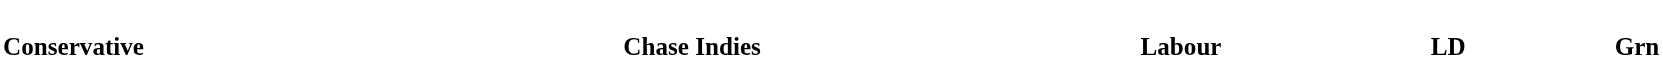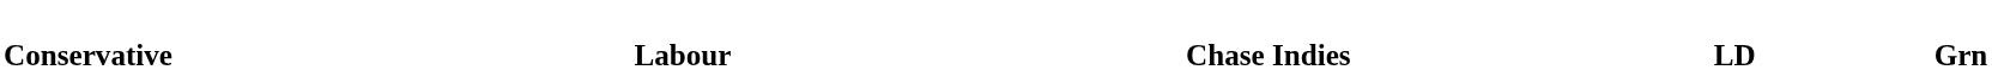 <table style="width:100%; text-align:center;">
 <tr style="color:white;">
 <td style="background-color:"><strong>24</strong></td>
+<td style="background-color:"><strong>9</strong></td>
 <td style="background-color:"><strong>5</strong></td>
-<td style="background-color:"><strong>9</strong></td>
 <td style="background-color:"><strong>2</strong></td>
 <td style="background-color:"><strong>1</strong></td>
 </tr>
 <tr>
 <td><span><strong>Conservative</strong></span></td>
+<td><span><strong>Labour</strong></span></td>
 <td><span><strong>Chase Indies</strong></span></td>
-<td><span><strong>Labour</strong></span></td>
 <td><span><strong>LD</strong></span></td>
 <td><span><strong>Grn</strong></span></td>
 </tr>
 </table>
